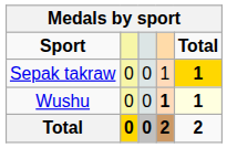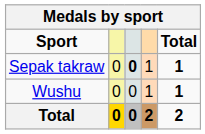 <table class=wikitable style="font-size:85%; float:right;text-align:center">
 <tr bgcolor=EFEFEF>
 <th colspan=7>Medals by sport</th>
 </tr>
 <tr>
 <td><strong>Sport</strong></td>
 <td bgcolor=F7F6A8></td>
 <td bgcolor=DCE5E5></td>
 <td bgcolor=FFDBA9></td>
 <td><strong>Total</strong></td>
 </tr>
 <tr>
 <td><a href='#'>Sepak takraw</a></td>
 <td bgcolor=F7F6A8>0</td>
-<td bgcolor=DCE5E5>0</td>
+<td bgcolor=DCE5E5><strong>0</strong></td>
 <td bgcolor=FFDAB9>1</td>
-<td style="background: gold;"><strong>1</strong></td>
+<td><strong>1</strong></td>
 </tr>
 <tr>
 <td><a href='#'>Wushu</a></td>
 <td bgcolor=F7F6A8>0</td>
 <td bgcolor=DCE5E5>0</td>
-<td bgcolor=FFDAB9><strong>1</strong></td>
-<td style="background: lightyellow;"><strong>1</strong></td>
+<td bgcolor=FFDAB9>1</td>
+<td><strong>1</strong></td>
 </tr>
 <tr>
 <th>Total</th>
 <td style="background:gold;"><strong>0</strong></td>
 <td style="background:silver;"><strong>0</strong></td>
 <td style="background:#c96;"><strong>2</strong></td>
 <td><strong>2</strong></td>
 </tr>
 </table>
